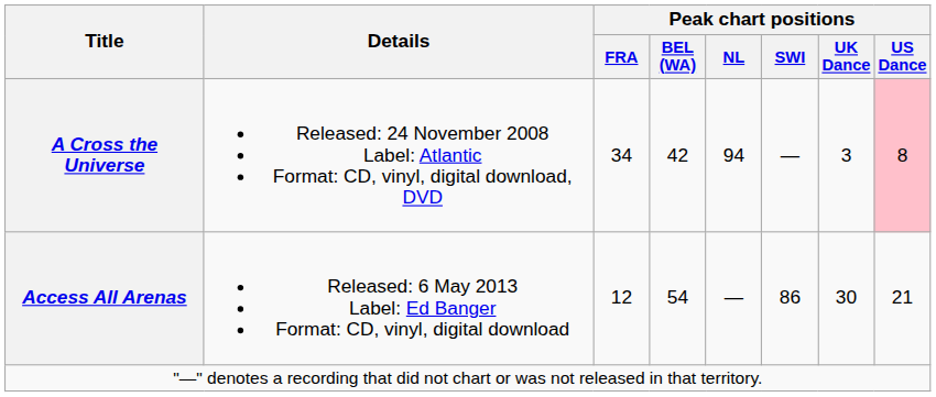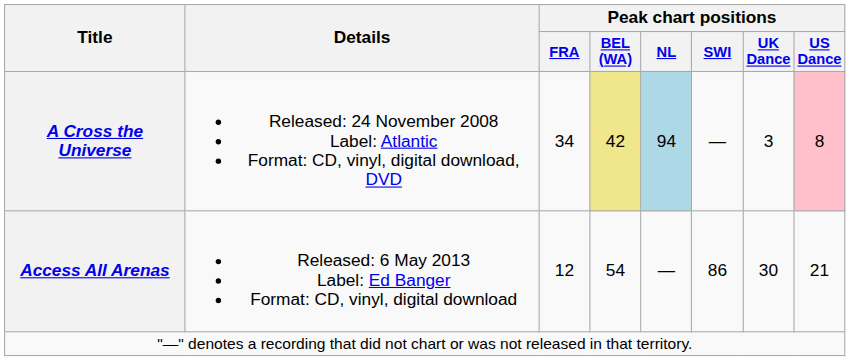 <table class="wikitable plainrowheaders" style="text-align:center;" border="1" id="livealbums">
 <tr>
 <th scope="col" rowspan="2" style="width:10em;">Title</th>
 <th scope="col" rowspan="2" style="width:20em;">Details</th>
 <th scope="col" colspan="6">Peak chart positions</th>
 </tr>
 <tr>
 <th scope="col" style="width:3em;font-size:85%"><a href='#'>FRA</a><br></th>
 <th scope="col" style="width:3em;font-size:85%"><a href='#'>BEL<br>(WA)</a><br></th>
 <th scope="col" style="width:3em;font-size:85%"><a href='#'>NL</a><br></th>
 <th scope="col" style="width:3em;font-size:85%"><a href='#'>SWI</a><br></th>
 <th scope="col" style="width:3em;font-size:85%"><a href='#'>UK<br>Dance</a><br></th>
 <th scope="col" style="width:3em;font-size:85%"><a href='#'>US<br>Dance</a><br></th>
 </tr>
 <tr>
 <th scope="row"><em><a href='#'>A Cross the Universe</a></em></th>
 <td><br><ul><li>Released: 24 November 2008</li><li>Label: <a href='#'>Atlantic</a></li><li>Format: CD, vinyl, digital download, <a href='#'>DVD</a></li></ul></td>
 <td>34</td>
-<td>42</td>
-<td>94</td>
+<td style="background: khaki;">42</td>
+<td style="background: lightblue;">94</td>
 <td>—</td>
 <td>3</td>
 <td style="background: pink;">8</td>
 </tr>
 <tr>
 <th scope="row"><em><a href='#'>Access All Arenas</a></em></th>
 <td><br><ul><li>Released: 6 May 2013</li><li>Label: <a href='#'>Ed Banger</a></li><li>Format: CD, vinyl, digital download</li></ul></td>
 <td>12</td>
 <td>54</td>
 <td>—</td>
 <td>86</td>
 <td>30</td>
 <td>21</td>
 </tr>
 <tr>
 <td colspan="9" style="font-size:90%">"—" denotes a recording that did not chart or was not released in that territory.</td>
 </tr>
 </table>
